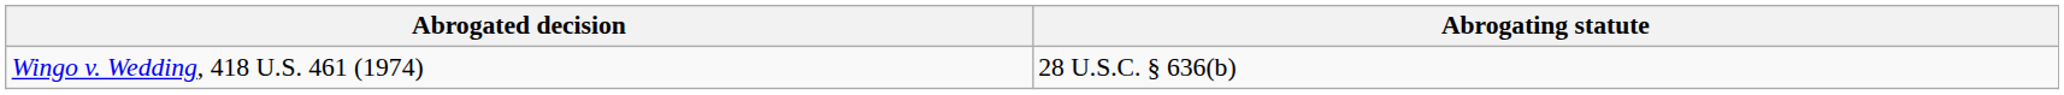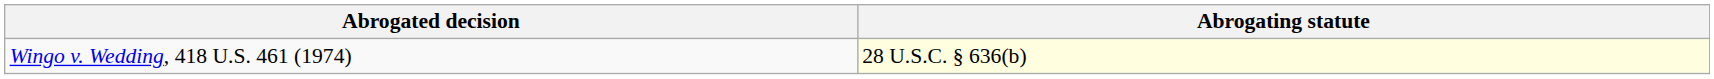 <table class="wikitable" style="width:100%; margin:auto;">
 <tr>
 <th style="width:50%;">Abrogated decision</th>
 <th style="width:50%;">Abrogating statute</th>
 </tr>
 <tr>
 <td><em><a href='#'>Wingo v. Wedding</a></em>, 418 U.S. 461 (1974)</td>
-<td>28 U.S.C. § 636(b)</td>
+<td style="background: lightyellow;">28 U.S.C. § 636(b)</td>
 </tr>
 </table>
